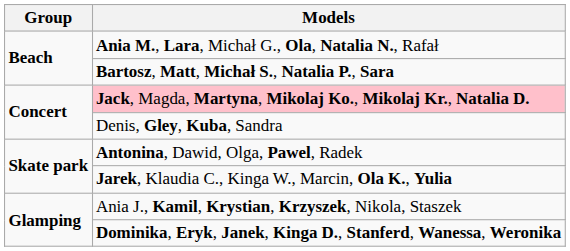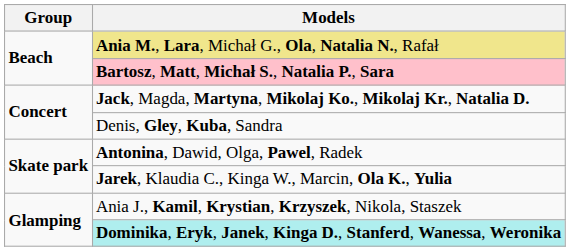 <table class="wikitable">
 <tr>
 <th>Group</th>
 <th>Models</th>
 </tr>
 <tr>
 <td rowspan="2"><strong>Beach</strong></td>
-<td><strong>Ania M.</strong>, <strong>Lara</strong>, Michał G., <strong>Ola</strong>, <strong>Natalia N.</strong>, Rafał</td>
+<td style="background: khaki;"><strong>Ania M.</strong>, <strong>Lara</strong>, Michał G., <strong>Ola</strong>, <strong>Natalia N.</strong>, Rafał</td>
 </tr>
 <tr>
-<td><strong>Bartosz</strong>, <strong>Matt</strong>, <strong>Michał S.</strong>, <strong>Natalia P.</strong>, <strong>Sara</strong></td>
+<td style="background: pink;"><strong>Bartosz</strong>, <strong>Matt</strong>, <strong>Michał S.</strong>, <strong>Natalia P.</strong>, <strong>Sara</strong></td>
 </tr>
 <tr>
 <td rowspan="2"><strong>Concert</strong></td>
-<td style="background: pink;"><strong>Jack</strong>, Magda, <strong>Martyna</strong>, <strong>Mikolaj Ko.</strong>, <strong>Mikolaj Kr.</strong>, <strong>Natalia D.</strong></td>
+<td><strong>Jack</strong>, Magda, <strong>Martyna</strong>, <strong>Mikolaj Ko.</strong>, <strong>Mikolaj Kr.</strong>, <strong>Natalia D.</strong></td>
 </tr>
 <tr>
 <td>Denis, <strong>Gley</strong>, <strong>Kuba</strong>, Sandra</td>
 </tr>
 <tr>
 <td rowspan="2"><strong>Skate park</strong></td>
 <td><strong>Antonina</strong>, Dawid, Olga, <strong>Pawel</strong>, Radek</td>
 </tr>
 <tr>
 <td><strong>Jarek</strong>, Klaudia C., Kinga W., Marcin, <strong>Ola K.</strong>, <strong>Yulia</strong></td>
 </tr>
 <tr>
 <td rowspan="2"><strong>Glamping</strong></td>
 <td>Ania J., <strong>Kamil</strong>, <strong>Krystian</strong>, <strong>Krzyszek</strong>, Nikola, Staszek</td>
 </tr>
 <tr>
-<td><strong>Dominika</strong>, <strong>Eryk</strong>, <strong>Janek</strong>, <strong>Kinga D.</strong>, <strong>Stanferd</strong>, <strong>Wanessa</strong>, <strong>Weronika</strong></td>
+<td style="background: paleturquoise;"><strong>Dominika</strong>, <strong>Eryk</strong>, <strong>Janek</strong>, <strong>Kinga D.</strong>, <strong>Stanferd</strong>, <strong>Wanessa</strong>, <strong>Weronika</strong></td>
 </tr>
 </table>
